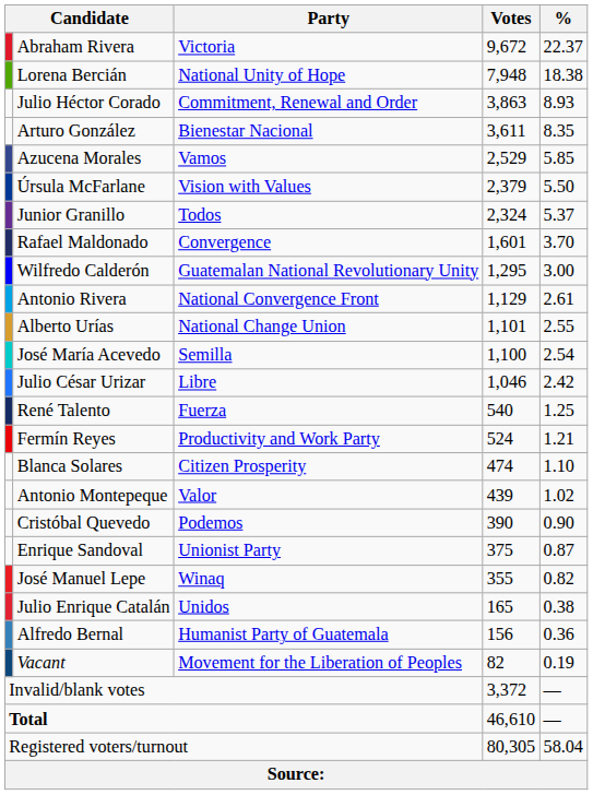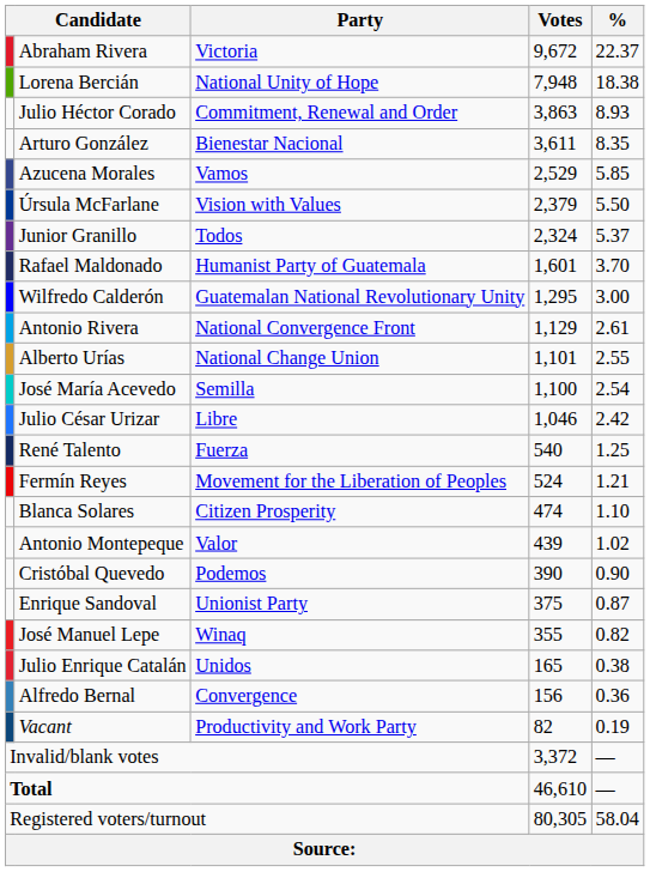 <table class="wikitable style=text-align:right">
 <tr>
 <th colspan=2>Candidate</th>
 <th>Party</th>
 <th>Votes</th>
 <th>%</th>
 </tr>
 <tr>
 <td bgcolor="#E11829"></td>
 <td align=left>Abraham Rivera</td>
 <td align=left><a href='#'>Victoria</a></td>
 <td>9,672</td>
 <td>22.37</td>
 </tr>
 <tr>
 <td bgcolor="#50A700"></td>
 <td align=left>Lorena Bercián</td>
 <td align=left><a href='#'>National Unity of Hope</a></td>
 <td>7,948</td>
 <td>18.38</td>
 </tr>
 <tr>
 <td></td>
 <td align=left>Julio Héctor Corado</td>
 <td align=left><a href='#'>Commitment, Renewal and Order</a></td>
 <td>3,863</td>
 <td>8.93</td>
 </tr>
 <tr>
 <td></td>
 <td align=left>Arturo González</td>
 <td align=left><a href='#'>Bienestar Nacional</a></td>
 <td>3,611</td>
 <td>8.35</td>
 </tr>
 <tr>
 <td bgcolor="#34478E"></td>
 <td align=left>Azucena Morales</td>
 <td align=left><a href='#'>Vamos</a></td>
 <td>2,529</td>
 <td>5.85</td>
 </tr>
 <tr>
 <td bgcolor="#003895"></td>
 <td align=left>Úrsula McFarlane</td>
 <td align=left><a href='#'>Vision with Values</a></td>
 <td>2,379</td>
 <td>5.50</td>
 </tr>
 <tr>
 <td bgcolor="#652D92"></td>
 <td align=left>Junior Granillo</td>
 <td align=left><a href='#'>Todos</a></td>
 <td>2,324</td>
 <td>5.37</td>
 </tr>
 <tr>
 <td bgcolor="#212C64"></td>
 <td align=left>Rafael Maldonado</td>
-<td align=left><a href='#'>Convergence</a></td>
+<td align=left><a href='#'>Humanist Party of Guatemala</a></td>
 <td>1,601</td>
 <td>3.70</td>
 </tr>
 <tr>
 <td bgcolor="#0000FE"></td>
 <td align=left>Wilfredo Calderón</td>
 <td align=left><a href='#'>Guatemalan National Revolutionary Unity</a></td>
 <td>1,295</td>
 <td>3.00</td>
 </tr>
 <tr>
 <td bgcolor="#00A3E6"></td>
 <td align=left>Antonio Rivera</td>
 <td align=left><a href='#'>National Convergence Front</a></td>
 <td>1,129</td>
 <td>2.61</td>
 </tr>
 <tr>
 <td bgcolor="#D79E2D"></td>
 <td align=left>Alberto Urías</td>
 <td align=left><a href='#'>National Change Union</a></td>
 <td>1,101</td>
 <td>2.55</td>
 </tr>
 <tr>
 <td bgcolor="#00CCC9"></td>
 <td align=left>José María Acevedo</td>
 <td align=left><a href='#'>Semilla</a></td>
 <td>1,100</td>
 <td>2.54</td>
 </tr>
 <tr>
 <td bgcolor="#1F75FE"></td>
 <td align=left>Julio César Urizar</td>
 <td align=left><a href='#'>Libre</a></td>
 <td>1,046</td>
 <td>2.42</td>
 </tr>
 <tr>
 <td bgcolor="#142A62"></td>
 <td align=left>René Talento</td>
 <td align=left><a href='#'>Fuerza</a></td>
 <td>540</td>
 <td>1.25</td>
 </tr>
 <tr>
 <td bgcolor="#EC0408"></td>
 <td align=left>Fermín Reyes</td>
-<td align=left><a href='#'>Productivity and Work Party</a></td>
+<td align=left><a href='#'>Movement for the Liberation of Peoples</a></td>
 <td>524</td>
 <td>1.21</td>
 </tr>
 <tr>
 <td></td>
 <td align=left>Blanca Solares</td>
 <td align=left><a href='#'>Citizen Prosperity</a></td>
 <td>474</td>
 <td>1.10</td>
 </tr>
 <tr>
 <td></td>
 <td align=left>Antonio Montepeque</td>
 <td align=left><a href='#'>Valor</a></td>
 <td>439</td>
 <td>1.02</td>
 </tr>
 <tr>
 <td></td>
 <td align=left>Cristóbal Quevedo</td>
 <td align=left><a href='#'>Podemos</a></td>
 <td>390</td>
 <td>0.90</td>
 </tr>
 <tr>
 <td></td>
 <td align=left>Enrique Sandoval</td>
 <td align=left><a href='#'>Unionist Party</a></td>
 <td>375</td>
 <td>0.87</td>
 </tr>
 <tr>
 <td bgcolor="#EB1C22"></td>
 <td align=left>José Manuel Lepe</td>
 <td align=left><a href='#'>Winaq</a></td>
 <td>355</td>
 <td>0.82</td>
 </tr>
 <tr>
 <td bgcolor="#E32132"></td>
 <td align=left>Julio Enrique Catalán</td>
 <td align=left><a href='#'>Unidos</a></td>
 <td>165</td>
 <td>0.38</td>
 </tr>
 <tr>
 <td bgcolor="#3481B9"></td>
 <td align=left>Alfredo Bernal</td>
-<td align=left><a href='#'>Humanist Party of Guatemala</a></td>
+<td align=left><a href='#'>Convergence</a></td>
 <td>156</td>
 <td>0.36</td>
 </tr>
 <tr>
 <td bgcolor="#0C477B"></td>
 <td align=left><em>Vacant</em></td>
-<td align=left><a href='#'>Movement for the Liberation of Peoples</a></td>
+<td align=left><a href='#'>Productivity and Work Party</a></td>
 <td>82</td>
 <td>0.19</td>
 </tr>
 <tr>
 <td colspan="3" style="text-align:left;">Invalid/blank votes</td>
 <td>3,372</td>
 <td>—</td>
 </tr>
 <tr>
 <td colspan="3" style="text-align:left;"><strong>Total</strong></td>
 <td>46,610</td>
 <td>—</td>
 </tr>
 <tr>
 <td colspan="3" style="text-align:left;">Registered voters/turnout</td>
 <td>80,305</td>
 <td>58.04</td>
 </tr>
 <tr>
 <th colspan="9">Source:  </th>
 </tr>
 </table>
